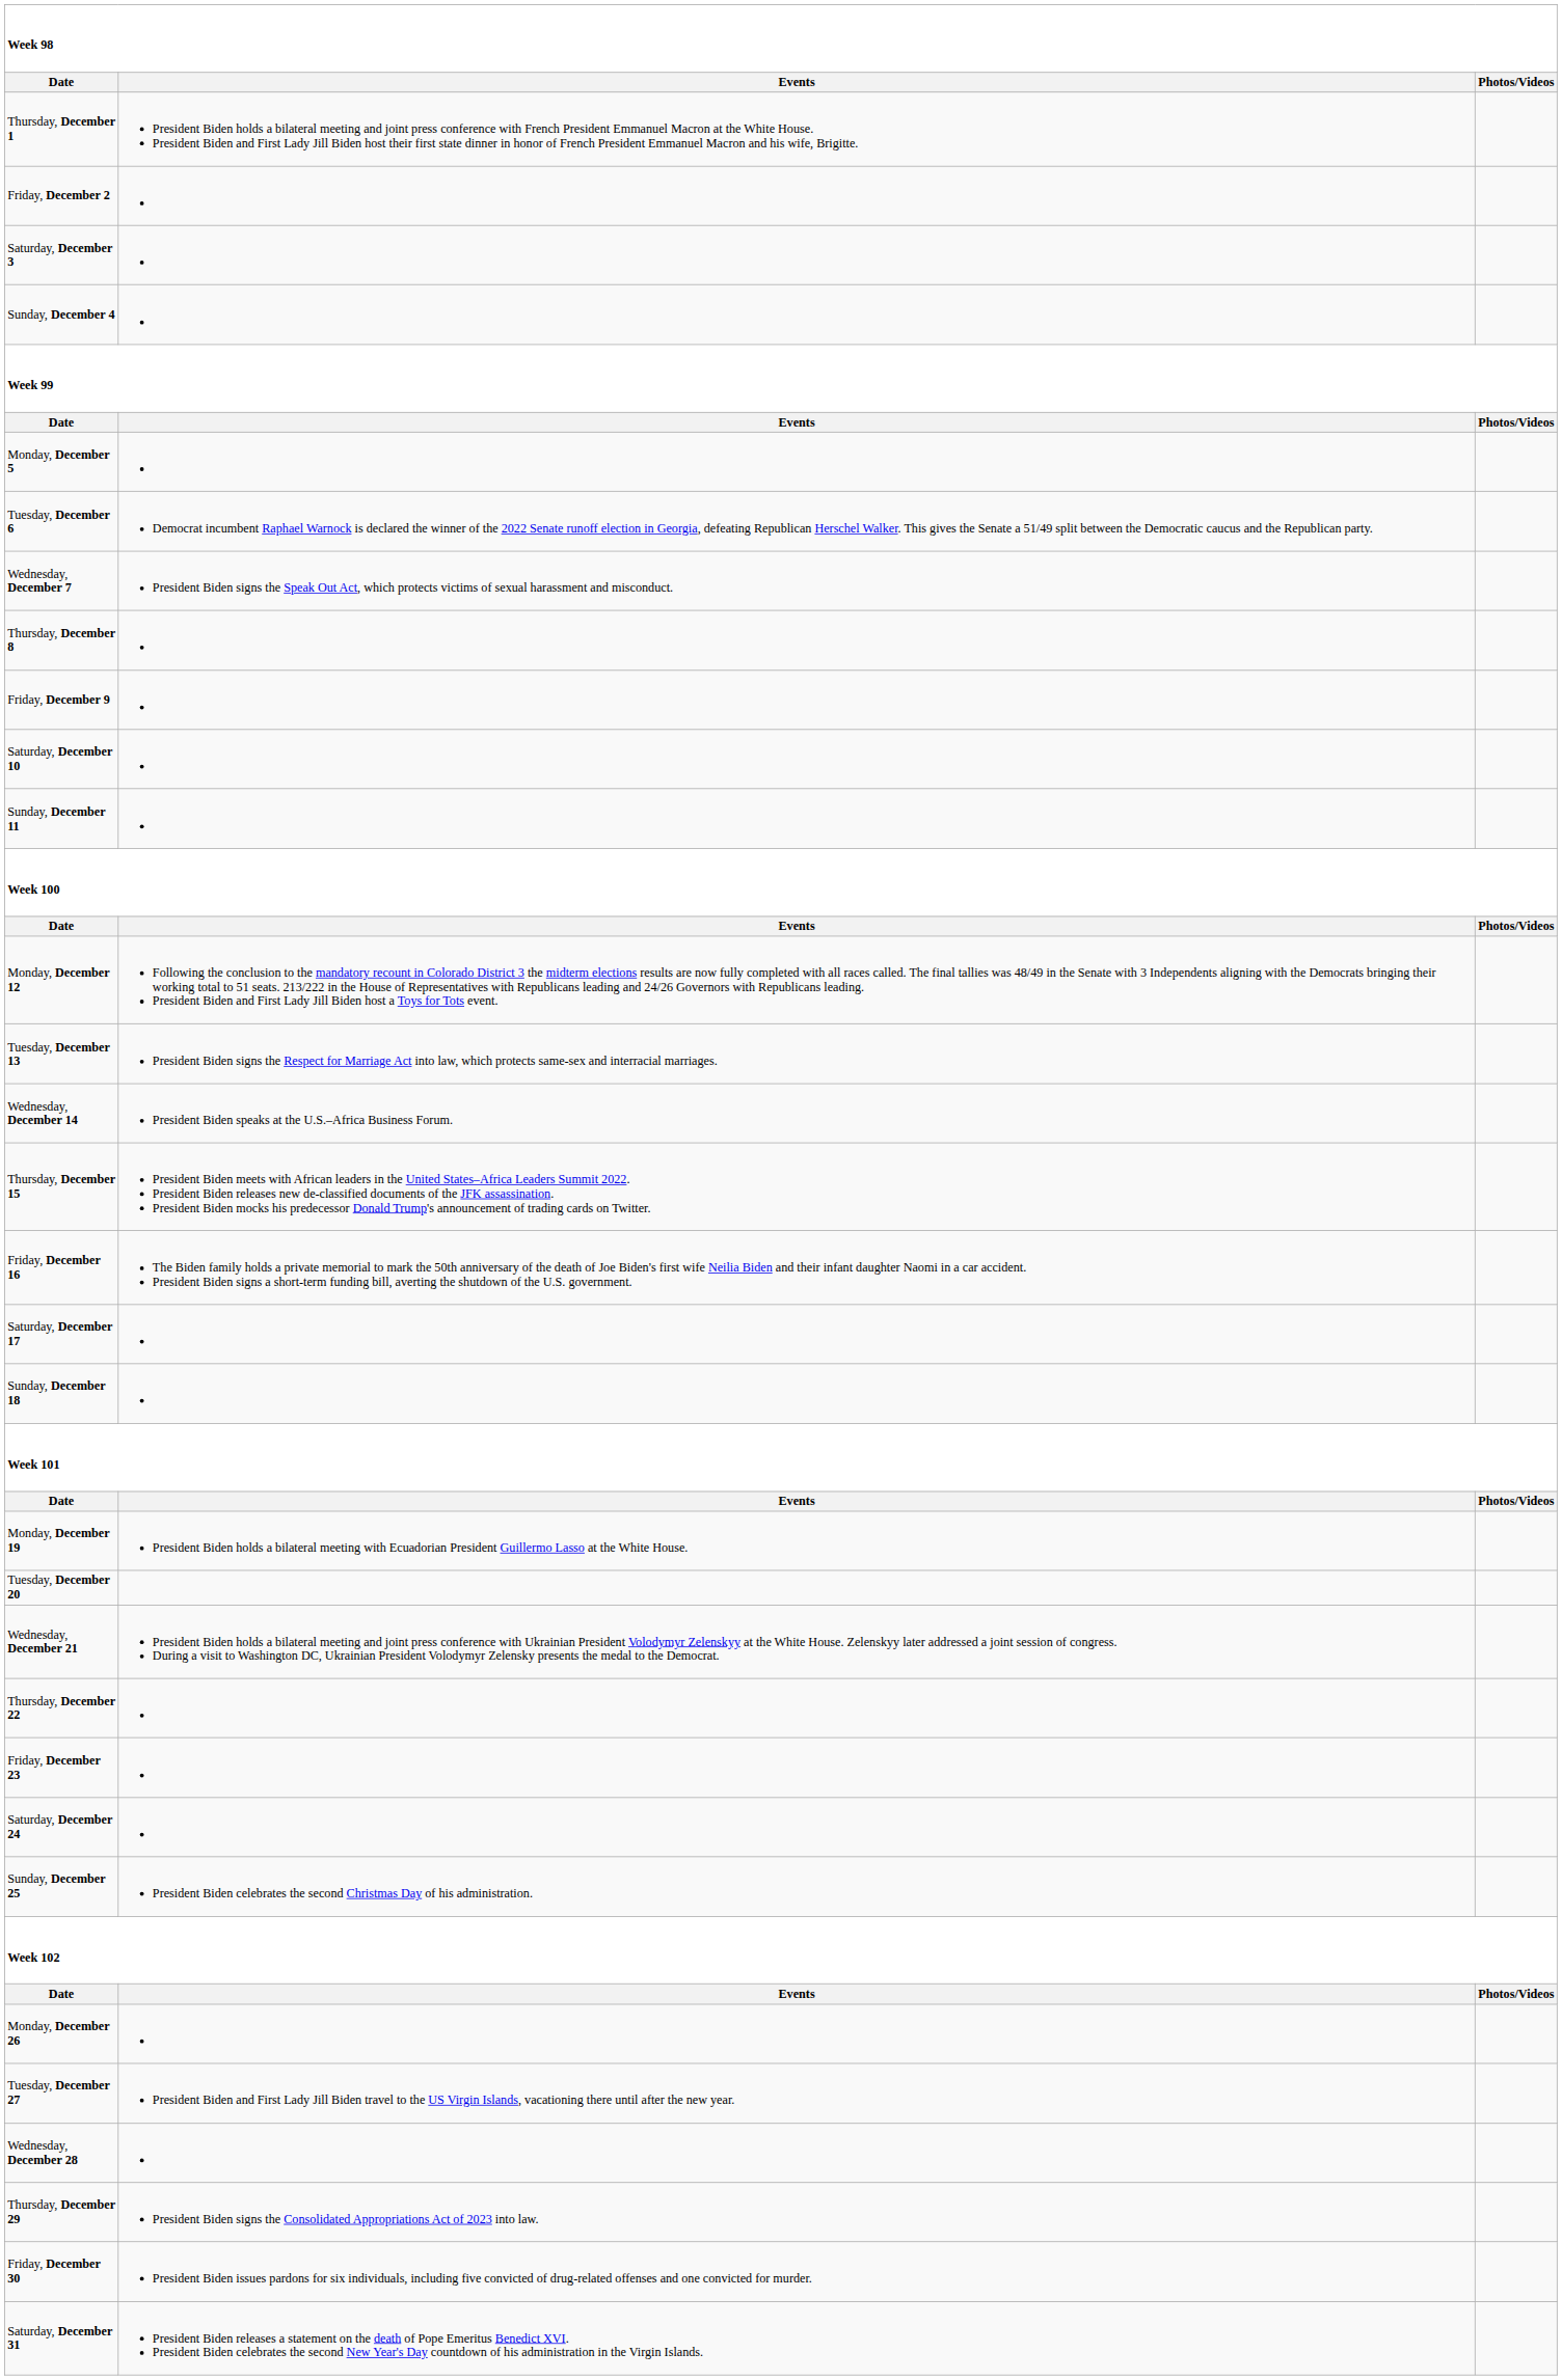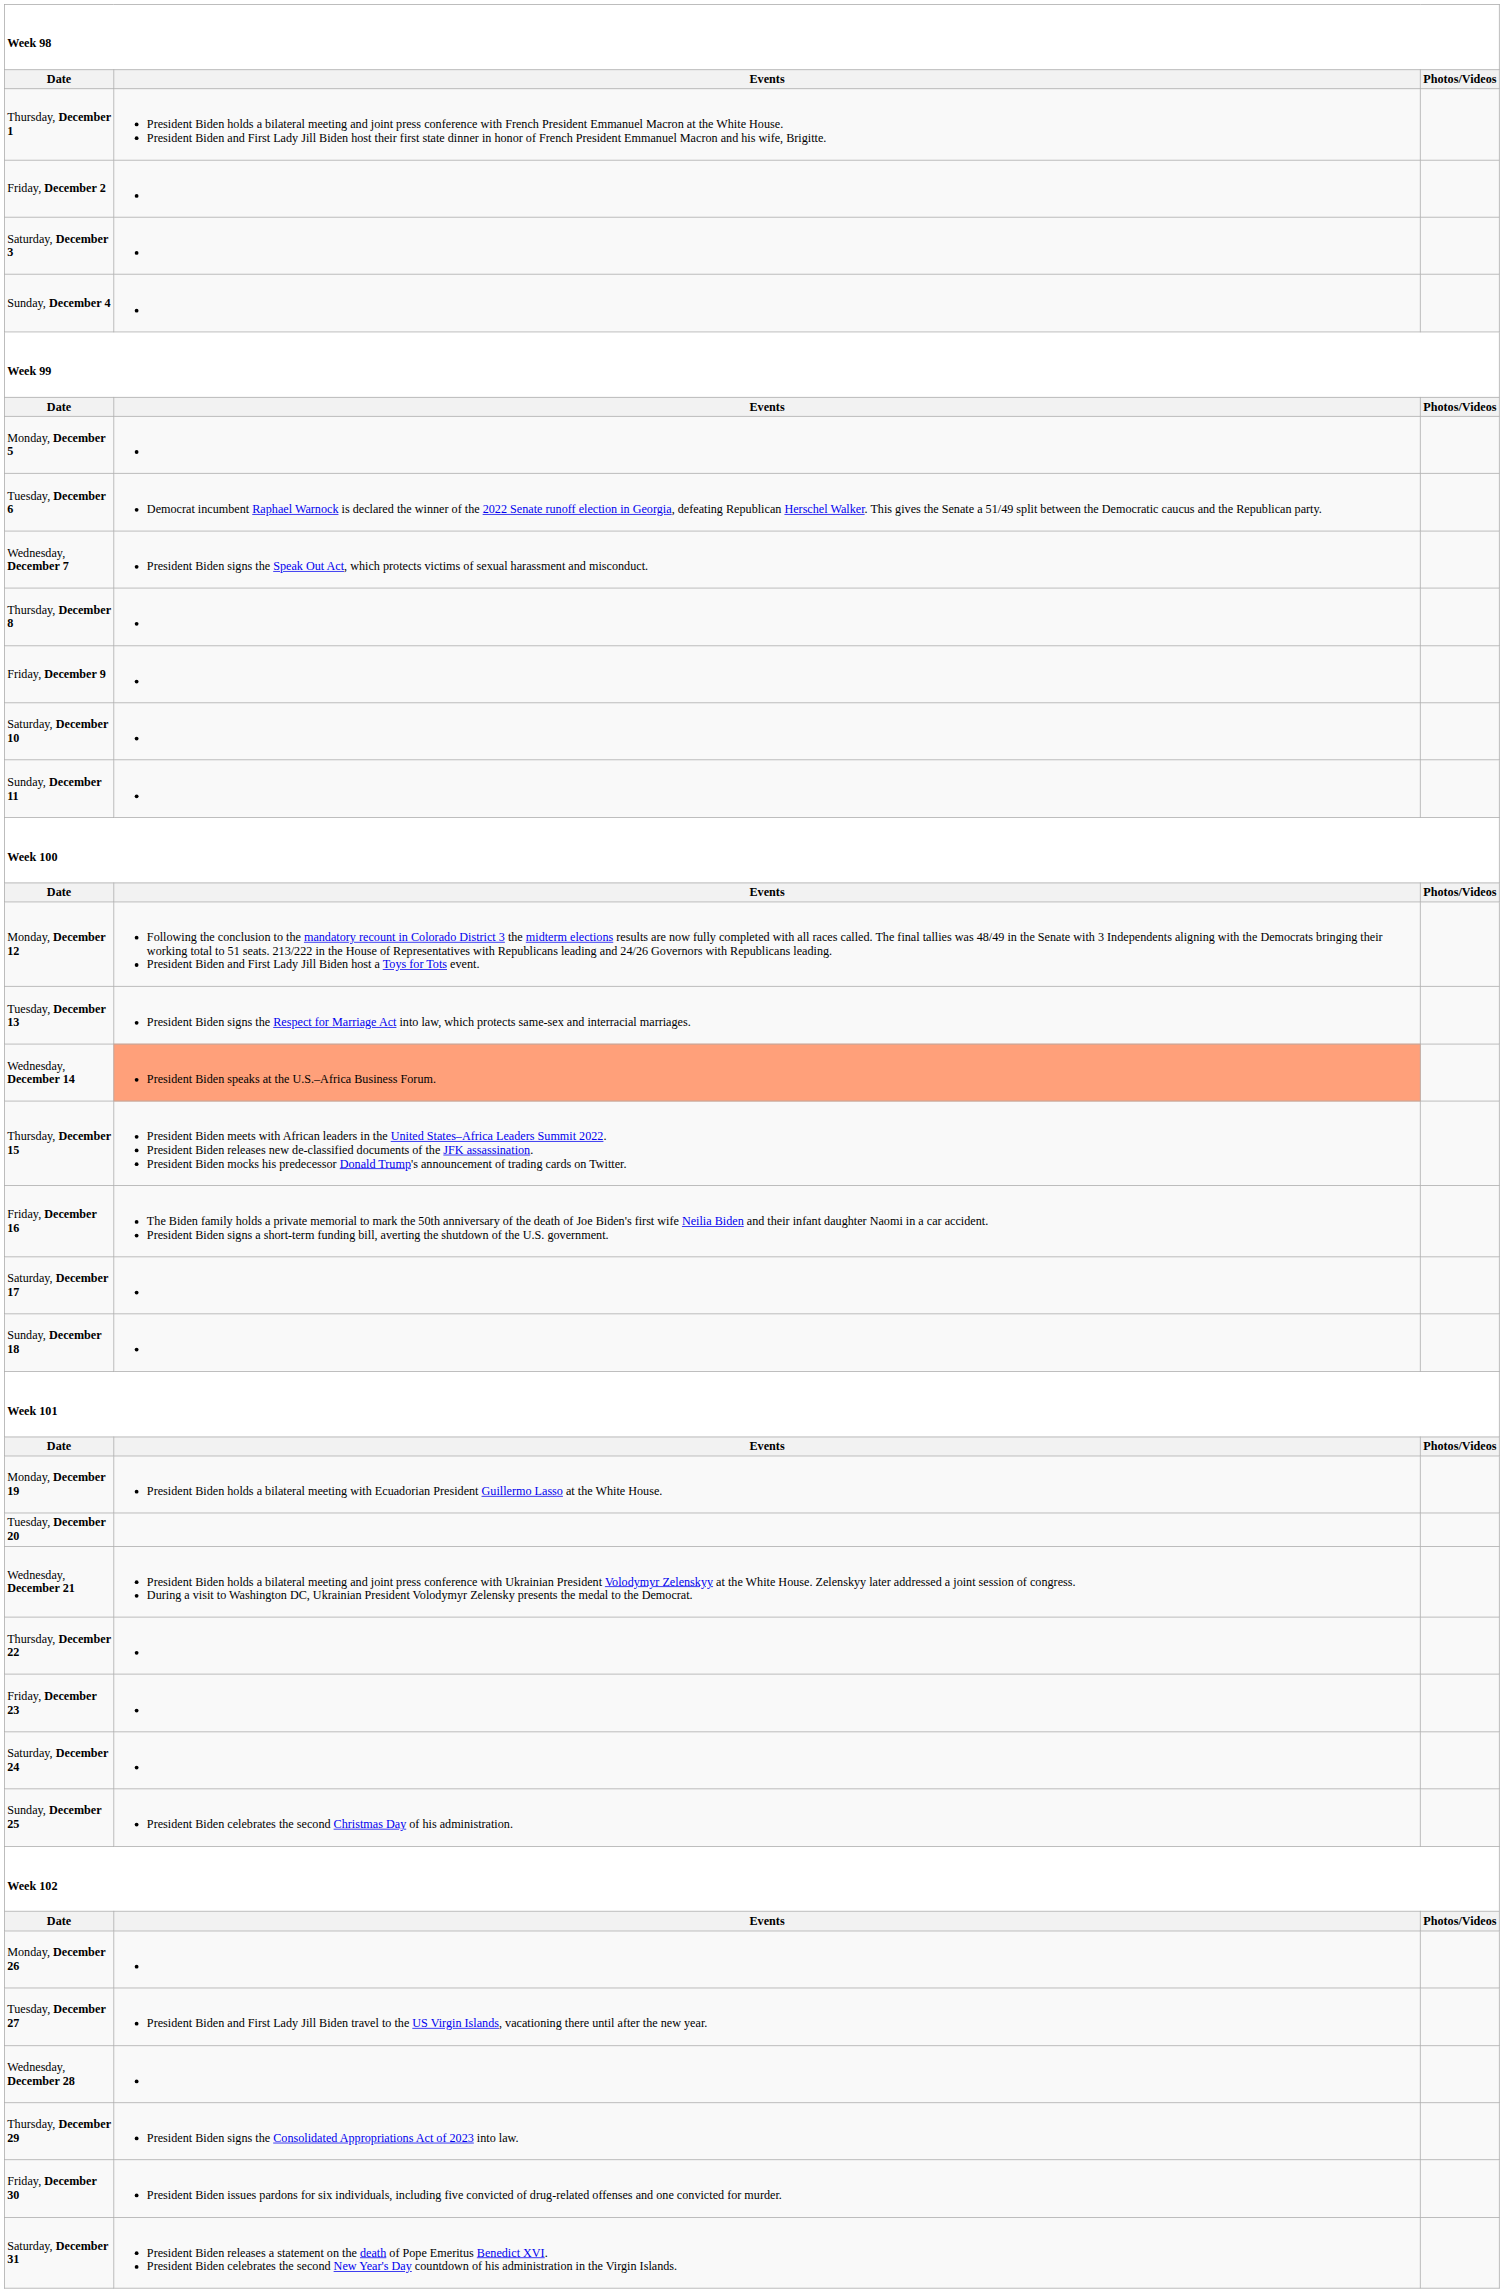 <table class="wikitable">
 <tr style="background:white;">
 <td colspan="3"><br><h4>Week 98</h4></td>
 </tr>
 <tr>
 <th>Date</th>
 <th>Events</th>
 <th>Photos/Videos</th>
 </tr>
 <tr>
 <td>Thursday, <strong>December 1</strong></td>
 <td><br><ul><li>President Biden holds a bilateral meeting and joint press conference with French President Emmanuel Macron at the White House.</li><li>President Biden and First Lady Jill Biden host their first state dinner in honor of French President Emmanuel Macron and his wife, Brigitte.</li></ul></td>
 <td></td>
 </tr>
 <tr>
 <td>Friday, <strong>December 2</strong></td>
 <td><br><ul><li></li></ul></td>
 <td></td>
 </tr>
 <tr>
 <td>Saturday, <strong>December 3</strong></td>
 <td><br><ul><li></li></ul></td>
 <td></td>
 </tr>
 <tr>
 <td>Sunday, <strong>December 4</strong></td>
 <td><br><ul><li></li></ul></td>
 <td></td>
 </tr>
 <tr style="background:white;">
 <td colspan="3"><br><h4>Week 99</h4></td>
 </tr>
 <tr>
 <th>Date</th>
 <th>Events</th>
 <th>Photos/Videos</th>
 </tr>
 <tr>
 <td>Monday, <strong>December 5</strong></td>
 <td><br><ul><li></li></ul></td>
 <td></td>
 </tr>
 <tr>
 <td>Tuesday, <strong>December 6</strong></td>
 <td><br><ul><li>Democrat incumbent <a href='#'>Raphael Warnock</a> is declared the winner of the <a href='#'>2022 Senate runoff election in Georgia</a>, defeating Republican <a href='#'>Herschel Walker</a>. This gives the Senate a 51/49 split between the Democratic caucus and the Republican party.</li></ul></td>
 <td></td>
 </tr>
 <tr>
 <td>Wednesday, <strong>December 7</strong></td>
 <td><br><ul><li>President Biden signs the <a href='#'>Speak Out Act</a>, which protects victims of sexual harassment and misconduct.</li></ul></td>
 <td></td>
 </tr>
 <tr>
 <td>Thursday, <strong>December 8</strong></td>
 <td><br><ul><li></li></ul></td>
 <td></td>
 </tr>
 <tr>
 <td>Friday, <strong>December 9</strong></td>
 <td><br><ul><li></li></ul></td>
 <td></td>
 </tr>
 <tr>
 <td>Saturday, <strong>December 10</strong></td>
 <td><br><ul><li></li></ul></td>
 <td></td>
 </tr>
 <tr>
 <td>Sunday, <strong>December 11</strong></td>
 <td><br><ul><li></li></ul></td>
 <td></td>
 </tr>
 <tr style="background:white;">
 <td colspan="3"><br><h4>Week 100</h4></td>
 </tr>
 <tr>
 <th>Date</th>
 <th>Events</th>
 <th>Photos/Videos</th>
 </tr>
 <tr>
 <td>Monday, <strong>December 12</strong></td>
 <td><br><ul><li>Following the conclusion to the <a href='#'>mandatory recount in Colorado District 3</a> the <a href='#'>midterm elections</a> results are now fully completed with all races called. The final tallies was 48/49 in the Senate with 3 Independents aligning with the Democrats bringing their working total to 51 seats. 213/222 in the House of Representatives with Republicans leading and 24/26 Governors with Republicans leading.</li><li>President Biden and First Lady Jill Biden host a <a href='#'>Toys for Tots</a> event.</li></ul></td>
 <td></td>
 </tr>
 <tr>
 <td>Tuesday, <strong>December 13</strong></td>
 <td><br><ul><li>President Biden signs the <a href='#'>Respect for Marriage Act</a> into law, which protects same-sex and interracial marriages.</li></ul></td>
 <td></td>
 </tr>
 <tr>
 <td>Wednesday, <strong>December 14</strong></td>
-<td><br><ul><li>President Biden speaks at the U.S.–Africa Business Forum.</li></ul></td>
+<td style="background: lightsalmon;"><br><ul><li>President Biden speaks at the U.S.–Africa Business Forum.</li></ul></td>
 <td></td>
 </tr>
 <tr>
 <td>Thursday, <strong>December 15</strong></td>
 <td><br><ul><li>President Biden meets with African leaders in the <a href='#'>United States–Africa Leaders Summit 2022</a>.</li><li>President Biden releases new de-classified documents of the <a href='#'>JFK assassination</a>.</li><li>President Biden mocks his predecessor <a href='#'>Donald Trump</a>'s announcement of trading cards on Twitter.</li></ul></td>
 <td></td>
 </tr>
 <tr>
 <td>Friday, <strong>December 16</strong></td>
 <td><br><ul><li>The Biden family holds a private memorial to mark the 50th anniversary of the death of Joe Biden's first wife <a href='#'>Neilia Biden</a> and their infant daughter Naomi in a car accident.</li><li>President Biden signs a short-term funding bill, averting the shutdown of the U.S. government.</li></ul></td>
 <td></td>
 </tr>
 <tr>
 <td>Saturday, <strong>December 17</strong></td>
 <td><br><ul><li></li></ul></td>
 <td></td>
 </tr>
 <tr>
 <td>Sunday, <strong>December 18</strong></td>
 <td><br><ul><li></li></ul></td>
 <td></td>
 </tr>
 <tr style="background:white;">
 <td colspan="3"><br><h4>Week 101</h4></td>
 </tr>
 <tr>
 <th>Date</th>
 <th>Events</th>
 <th>Photos/Videos</th>
 </tr>
 <tr>
 <td>Monday, <strong>December 19</strong></td>
 <td><br><ul><li>President Biden holds a bilateral meeting with Ecuadorian President <a href='#'>Guillermo Lasso</a> at the White House.</li></ul></td>
 <td></td>
 </tr>
 <tr>
 <td>Tuesday, <strong>December 20</strong></td>
 <td></td>
 <td></td>
 </tr>
 <tr>
 <td>Wednesday, <strong>December 21</strong></td>
 <td><br><ul><li>President Biden holds a bilateral meeting and joint press conference with Ukrainian President <a href='#'>Volodymyr Zelenskyy</a> at the White House. Zelenskyy later addressed a joint session of congress.</li><li>During a visit to Washington DC, Ukrainian President Volodymyr Zelensky presents the medal to the Democrat.</li></ul></td>
 <td></td>
 </tr>
 <tr>
 <td>Thursday, <strong>December 22</strong></td>
 <td><br><ul><li></li></ul></td>
 <td></td>
 </tr>
 <tr>
 <td>Friday, <strong>December 23</strong></td>
 <td><br><ul><li></li></ul></td>
 <td></td>
 </tr>
 <tr>
 <td>Saturday, <strong>December 24</strong></td>
 <td><br><ul><li></li></ul></td>
 <td></td>
 </tr>
 <tr>
 <td>Sunday, <strong>December 25</strong></td>
 <td><br><ul><li>President Biden celebrates the second <a href='#'>Christmas Day</a> of his administration.</li></ul></td>
 <td></td>
 </tr>
 <tr style="background:white;">
 <td colspan="3"><br><h4>Week 102</h4></td>
 </tr>
 <tr>
 <th>Date</th>
 <th>Events</th>
 <th>Photos/Videos</th>
 </tr>
 <tr>
 <td>Monday, <strong>December 26</strong></td>
 <td><br><ul><li></li></ul></td>
 <td></td>
 </tr>
 <tr>
 <td>Tuesday, <strong>December 27</strong></td>
 <td><br><ul><li>President Biden and First Lady Jill Biden travel to the <a href='#'>US Virgin Islands</a>, vacationing there until after the new year.</li></ul></td>
 <td></td>
 </tr>
 <tr>
 <td>Wednesday, <strong>December 28</strong></td>
 <td><br><ul><li></li></ul></td>
 <td></td>
 </tr>
 <tr>
 <td>Thursday, <strong>December 29</strong></td>
 <td><br><ul><li>President Biden signs the <a href='#'>Consolidated Appropriations Act of 2023</a> into law.</li></ul></td>
 <td></td>
 </tr>
 <tr>
 <td>Friday, <strong>December 30</strong></td>
 <td><br><ul><li>President Biden issues pardons for six individuals, including five convicted of drug-related offenses and one convicted for murder.</li></ul></td>
 <td></td>
 </tr>
 <tr>
 <td>Saturday, <strong>December 31</strong></td>
 <td><br><ul><li>President Biden releases a statement on the <a href='#'>death</a> of Pope Emeritus <a href='#'>Benedict XVI</a>.</li><li>President Biden celebrates the second <a href='#'>New Year's Day</a> countdown of his administration in the Virgin Islands.</li></ul></td>
 <td></td>
 </tr>
 </table>
